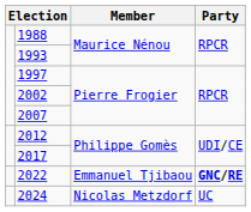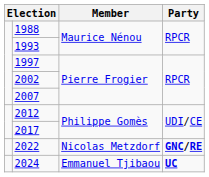 <table class="wikitable">
 <tr>
 <th colspan="2">Election</th>
 <th>Member</th>
 <th>Party</th>
 </tr>
 <tr>
 <td rowspan="5" style="background-color: "></td>
 <td><a href='#'>1988</a></td>
 <td rowspan="2"><a href='#'>Maurice Nénou</a></td>
 <td rowspan="2"><a href='#'>RPCR</a></td>
 </tr>
 <tr>
 <td><a href='#'>1993</a></td>
 </tr>
 <tr>
 <td><a href='#'>1997</a></td>
 <td rowspan="3"><a href='#'>Pierre Frogier</a></td>
 <td rowspan="3"><a href='#'>RPCR</a></td>
 </tr>
 <tr>
 <td><a href='#'>2002</a></td>
 </tr>
 <tr>
 <td><a href='#'>2007</a></td>
 </tr>
 <tr>
 <td rowspan="2" style="background-color: "></td>
 <td><a href='#'>2012</a></td>
 <td rowspan="2"><a href='#'>Philippe Gomès</a></td>
 <td rowspan="2"><a href='#'>UDI</a>/<a href='#'>CE</a></td>
 </tr>
 <tr>
 <td><a href='#'>2017</a></td>
 </tr>
 <tr>
 <td style="color:inherit;background-color: "></td>
 <td><a href='#'>2022</a></td>
-<td><a href='#'>Emmanuel Tjibaou</a></td>
+<td><a href='#'>Nicolas Metzdorf</a></td>
 <td><strong><a href='#'>GNC</a>/<a href='#'>RE</a></strong></td>
 </tr>
 <tr>
 <td style="color:inherit;background-color: "></td>
 <td><a href='#'>2024</a></td>
-<td><a href='#'>Nicolas Metzdorf</a></td>
-<td><a href='#'>UC</a></td>
+<td><a href='#'>Emmanuel Tjibaou</a></td>
+<td><strong><a href='#'>UC</a></strong></td>
 </tr>
 </table>
